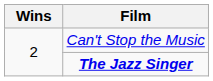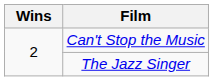 <table class="wikitable sortable" style="text-align: center;">
 <tr>
 <th scope="col" width="55">Wins</th>
 <th scope="col" align="center">Film</th>
 </tr>
 <tr>
 <td rowspan="2">2</td>
 <td><em><a href='#'>Can't Stop the Music</a></em></td>
 </tr>
 <tr>
-<td><strong><em><a href='#'>The Jazz Singer</a></em></strong></td>
+<td><em><a href='#'>The Jazz Singer</a></em></td>
 </tr>
 </table>
